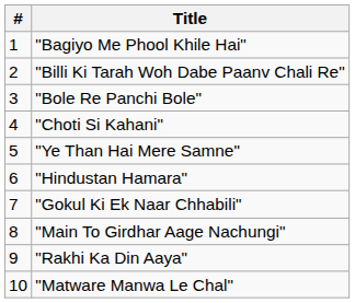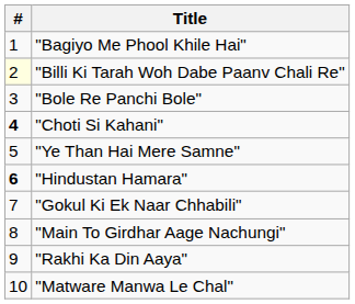 <table class="wikitable" style="font-size:95%;">
 <tr>
 <th>#</th>
 <th>Title</th>
 </tr>
 <tr>
 <td>1</td>
 <td>"Bagiyo Me Phool Khile Hai"</td>
 </tr>
 <tr>
-<td>2</td>
+<td style="background: lightyellow;">2</td>
 <td>"Billi Ki Tarah Woh Dabe Paanv Chali Re"</td>
 </tr>
 <tr>
 <td>3</td>
 <td>"Bole Re Panchi Bole"</td>
 </tr>
 <tr>
-<td>4</td>
+<td><strong>4</strong></td>
 <td>"Choti Si Kahani"</td>
 </tr>
 <tr>
 <td>5</td>
 <td>"Ye Than Hai Mere Samne"</td>
 </tr>
 <tr>
-<td>6</td>
+<td><strong>6</strong></td>
 <td>"Hindustan Hamara"</td>
 </tr>
 <tr>
 <td>7</td>
 <td>"Gokul Ki Ek Naar Chhabili"</td>
 </tr>
 <tr>
 <td>8</td>
 <td>"Main To Girdhar Aage Nachungi"</td>
 </tr>
 <tr>
 <td>9</td>
 <td>"Rakhi Ka Din Aaya"</td>
 </tr>
 <tr>
 <td>10</td>
 <td>"Matware Manwa Le Chal"</td>
 </tr>
 </table>
